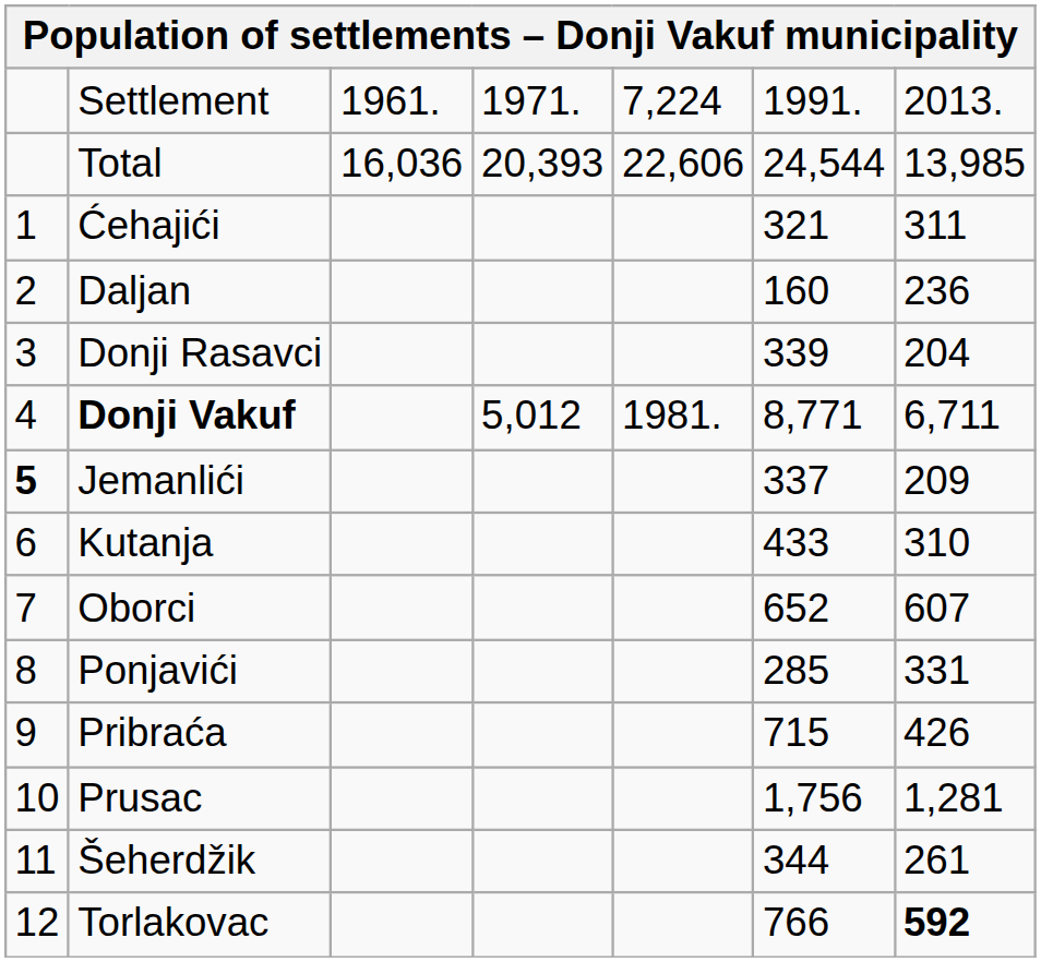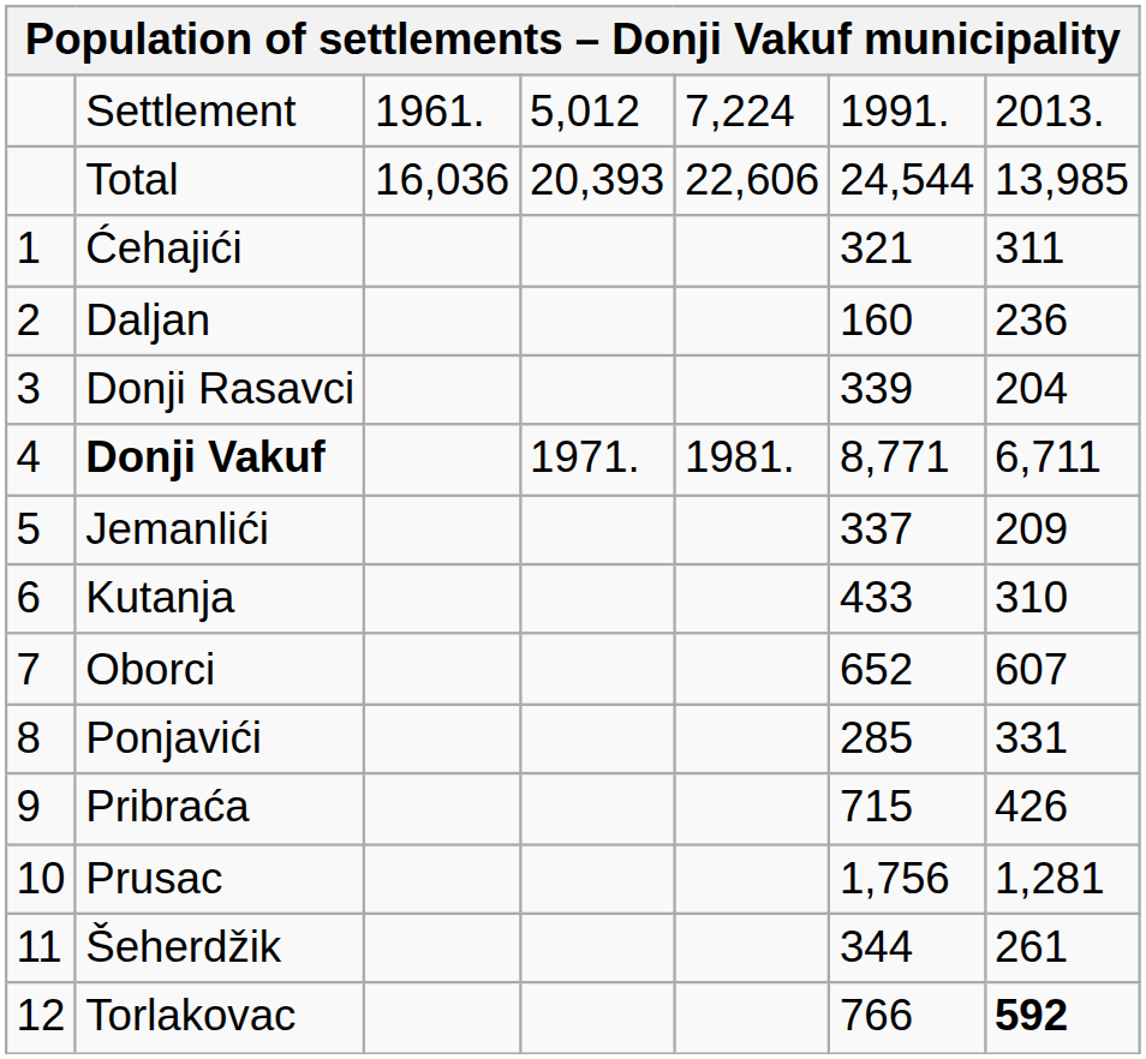 <table class="wikitable">
 <tr>
 <th colspan="7">Population of settlements – Donji Vakuf municipality</th>
 </tr>
 <tr>
 <td></td>
 <td>Settlement</td>
 <td>1961.</td>
-<td>1971.</td>
+<td>5,012</td>
 <td>7,224</td>
 <td>1991.</td>
 <td>2013.</td>
 </tr>
 <tr>
 <td></td>
 <td>Total</td>
 <td>16,036</td>
 <td>20,393</td>
 <td>22,606</td>
 <td>24,544</td>
 <td>13,985</td>
 </tr>
 <tr>
 <td>1</td>
 <td>Ćehajići</td>
 <td></td>
 <td></td>
 <td></td>
 <td>321</td>
 <td>311</td>
 </tr>
 <tr>
 <td>2</td>
 <td>Daljan</td>
 <td></td>
 <td></td>
 <td></td>
 <td>160</td>
 <td>236</td>
 </tr>
 <tr>
 <td>3</td>
 <td>Donji Rasavci</td>
 <td></td>
 <td></td>
 <td></td>
 <td>339</td>
 <td>204</td>
 </tr>
 <tr>
 <td>4</td>
 <td><strong>Donji Vakuf</strong></td>
 <td></td>
-<td>5,012</td>
+<td>1971.</td>
 <td>1981.</td>
 <td>8,771</td>
 <td>6,711</td>
 </tr>
 <tr>
-<td><strong>5</strong></td>
+<td>5</td>
 <td>Jemanlići</td>
 <td></td>
 <td></td>
 <td></td>
 <td>337</td>
 <td>209</td>
 </tr>
 <tr>
 <td>6</td>
 <td>Kutanja</td>
 <td></td>
 <td></td>
 <td></td>
 <td>433</td>
 <td>310</td>
 </tr>
 <tr>
 <td>7</td>
 <td>Oborci</td>
 <td></td>
 <td></td>
 <td></td>
 <td>652</td>
 <td>607</td>
 </tr>
 <tr>
 <td>8</td>
 <td>Ponjavići</td>
 <td></td>
 <td></td>
 <td></td>
 <td>285</td>
 <td>331</td>
 </tr>
 <tr>
 <td>9</td>
 <td>Pribraća</td>
 <td></td>
 <td></td>
 <td></td>
 <td>715</td>
 <td>426</td>
 </tr>
 <tr>
 <td>10</td>
 <td>Prusac</td>
 <td></td>
 <td></td>
 <td></td>
 <td>1,756</td>
 <td>1,281</td>
 </tr>
 <tr>
 <td>11</td>
 <td>Šeherdžik</td>
 <td></td>
 <td></td>
 <td></td>
 <td>344</td>
 <td>261</td>
 </tr>
 <tr>
 <td>12</td>
 <td>Torlakovac</td>
 <td></td>
 <td></td>
 <td></td>
 <td>766</td>
 <td><strong>592</strong></td>
 </tr>
 </table>
